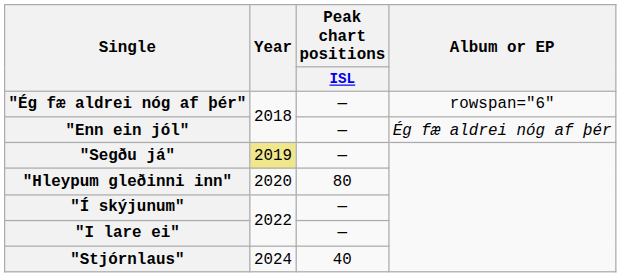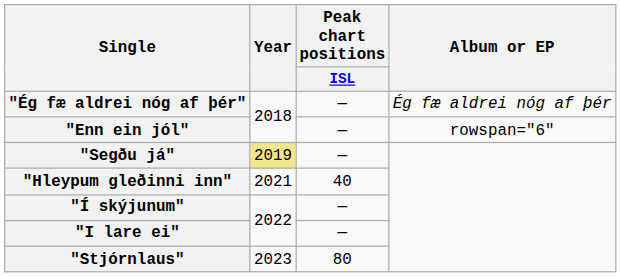 <table class="wikitable plainrowheaders" style="text-align:center;">
 <tr>
 <th scope="col" rowspan="2">Single</th>
 <th scope="col" rowspan="2">Year</th>
 <th scope="col" colspan="1">Peak chart positions</th>
 <th scope="col" rowspan="2">Album or EP</th>
 </tr>
 <tr>
 <th scope="col" style="width:3em;font-size:90%;"><a href='#'>ISL</a><br></th>
 </tr>
 <tr>
 <th scope="row">"Ég fæ aldrei nóg af þér"</th>
 <td rowspan="2">2018</td>
 <td>—</td>
-<td>rowspan="6" </td>
+<td><em>Ég fæ aldrei nóg af þér</em></td>
 </tr>
 <tr>
 <th scope="row">"Enn ein jól"</th>
 <td>—</td>
-<td><em>Ég fæ aldrei nóg af þér</em></td>
+<td>rowspan="6" </td>
 </tr>
 <tr>
 <th scope="row">"Segðu já"</th>
 <td style="background: khaki;">2019</td>
 <td>—</td>
 </tr>
 <tr>
 <th scope="row">"Hleypum gleðinni inn"</th>
-<td>2020</td>
-<td>80</td>
+<td>2021</td>
+<td>40</td>
 </tr>
 <tr>
 <th scope="row">"Í skýjunum"</th>
 <td rowspan="2">2022</td>
 <td>—</td>
 </tr>
 <tr>
 <th scope="row">"I lare ei"</th>
 <td>—</td>
 </tr>
 <tr>
 <th scope="row">"Stjórnlaus"</th>
-<td>2024</td>
-<td>40</td>
+<td>2023</td>
+<td>80</td>
 </tr>
 </table>
